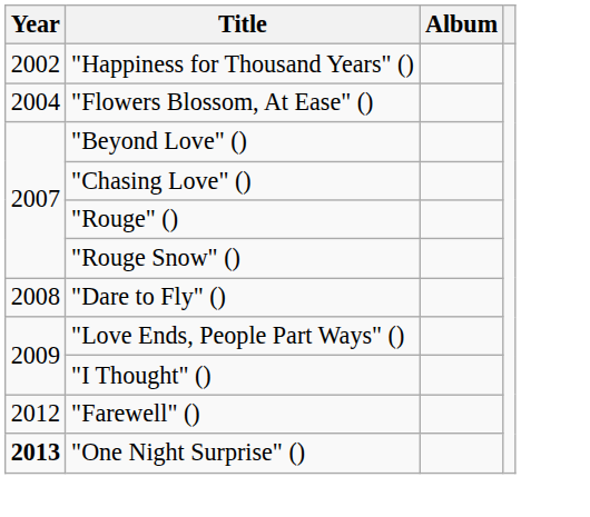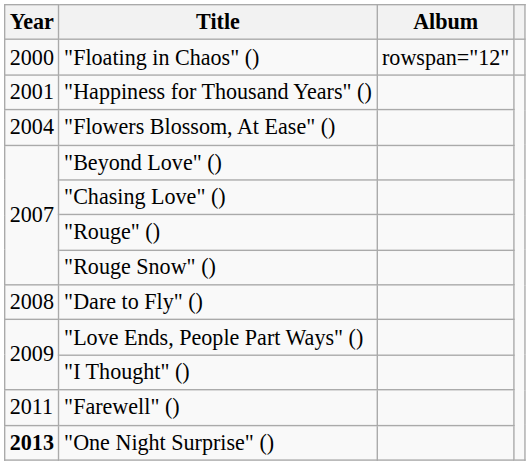 <table class="wikitable sortable">
 <tr>
 <th>Year</th>
 <th>Title</th>
 <th>Album</th>
 <th class="unsortable"></th>
 </tr>
 <tr>
-<td>2002</td>
+<td>2000</td>
+<td>"Floating in Chaos" ()</td>
+<td>rowspan="12" </td>
+<td></td>
+</tr>
+<tr>
+<td>2001</td>
 <td>"Happiness for Thousand Years" ()</td>
 <td></td>
 </tr>
 <tr>
 <td>2004</td>
 <td>"Flowers Blossom, At Ease" ()</td>
 <td></td>
 </tr>
 <tr>
 <td rowspan="4">2007</td>
 <td>"Beyond Love" ()</td>
 <td></td>
 </tr>
 <tr>
 <td>"Chasing Love" ()</td>
 <td></td>
 </tr>
 <tr>
 <td>"Rouge" ()</td>
 <td></td>
 </tr>
 <tr>
 <td>"Rouge Snow" ()</td>
 <td></td>
 </tr>
 <tr>
 <td>2008</td>
 <td>"Dare to Fly" ()</td>
 <td></td>
 </tr>
 <tr>
 <td rowspan="2">2009</td>
 <td>"Love Ends, People Part Ways" ()</td>
 <td></td>
 </tr>
 <tr>
 <td>"I Thought" ()</td>
 <td></td>
 </tr>
 <tr>
-<td>2012</td>
+<td>2011</td>
 <td>"Farewell" ()</td>
 <td></td>
 </tr>
 <tr>
 <td><strong>2013</strong></td>
 <td>"One Night Surprise" ()</td>
 <td></td>
 </tr>
 </table>
